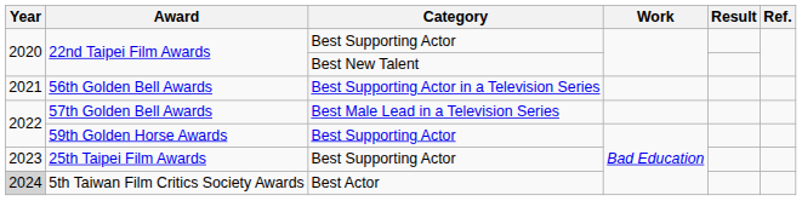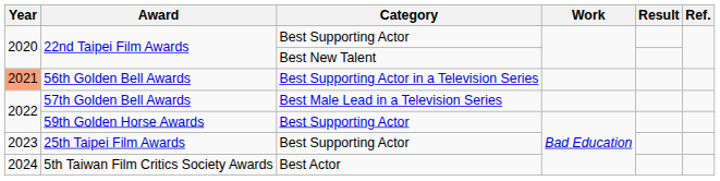 <table class="wikitable plainrowheaders">
 <tr>
 <th>Year</th>
 <th>Award</th>
 <th>Category</th>
 <th>Work</th>
 <th>Result</th>
 <th>Ref.</th>
 </tr>
 <tr>
 <td rowspan="2">2020</td>
 <td rowspan="2"><a href='#'>22nd Taipei Film Awards</a></td>
 <td>Best Supporting Actor</td>
 <td rowspan="2"><em></em></td>
 <td></td>
 <td rowspan="2"></td>
 </tr>
 <tr>
 <td>Best New Talent</td>
 <td></td>
 </tr>
 <tr>
-<td>2021</td>
+<td style="background: lightsalmon;">2021</td>
 <td><a href='#'>56th Golden Bell Awards</a></td>
 <td><a href='#'>Best Supporting Actor in a Television Series</a></td>
 <td><em></em></td>
 <td></td>
 <td></td>
 </tr>
 <tr>
 <td rowspan="2">2022</td>
 <td><a href='#'>57th Golden Bell Awards</a></td>
 <td><a href='#'>Best Male Lead in a Television Series</a></td>
 <td><em></em></td>
 <td></td>
 <td></td>
 </tr>
 <tr>
 <td><a href='#'>59th Golden Horse Awards</a></td>
 <td><a href='#'>Best Supporting Actor</a></td>
 <td rowspan="3"><em><a href='#'>Bad Education</a></em></td>
 <td></td>
 <td></td>
 </tr>
 <tr>
 <td>2023</td>
 <td><a href='#'>25th Taipei Film Awards</a></td>
 <td>Best Supporting Actor</td>
 <td></td>
 <td></td>
 </tr>
 <tr>
-<td style="background: lightgrey;">2024</td>
+<td>2024</td>
 <td>5th Taiwan Film Critics Society Awards</td>
 <td>Best Actor</td>
 <td></td>
 <td></td>
 </tr>
 </table>
